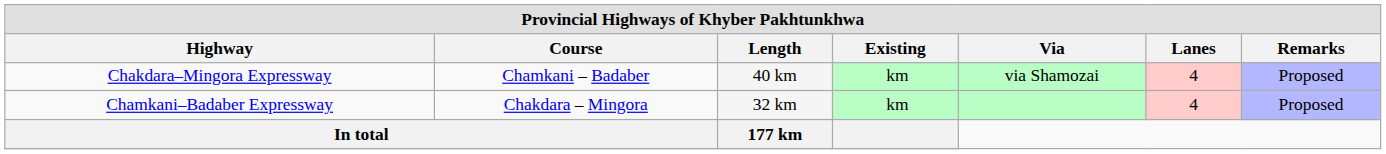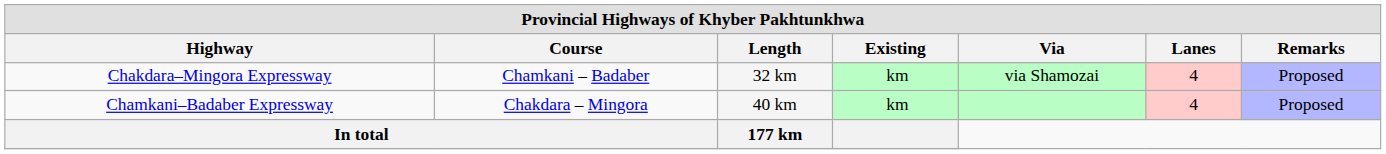 <table class="wikitable" style="margin:auto; font-size:90%; align:center; text-align:center; width:90%">
 <tr>
 <td colspan="12" bgcolor="#E0E0E0"><strong>Provincial Highways of Khyber Pakhtunkhwa</strong></td>
 </tr>
 <tr>
 <th>Highway</th>
 <th>Course</th>
 <th>Length</th>
 <th>Existing</th>
 <th>Via</th>
 <th>Lanes</th>
 <th>Remarks</th>
 </tr>
 <tr>
 <td><a href='#'>Chakdara–Mingora Expressway</a></td>
 <td><a href='#'>Chamkani</a> – <a href='#'>Badaber</a></td>
-<td bgcolor="#F5F5F5">40 km</td>
+<td bgcolor="#F5F5F5">32 km</td>
 <td bgcolor="#B9FFC5"> km</td>
 <td bgcolor="#B9FFC5">via Shamozai</td>
 <td bgcolor="#FFCBCB">4</td>
 <td bgcolor="#B3B7FF">Proposed</td>
 </tr>
 <tr>
 <td><a href='#'>Chamkani–Badaber Expressway</a></td>
 <td><a href='#'>Chakdara</a> – <a href='#'>Mingora</a></td>
-<td bgcolor="#F5F5F5">32 km</td>
+<td bgcolor="#F5F5F5">40 km</td>
 <td bgcolor="#B9FFC5"> km</td>
 <td bgcolor="#B9FFC5"></td>
 <td bgcolor="#FFCBCB">4</td>
 <td bgcolor="#B3B7FF">Proposed</td>
 </tr>
 <tr>
 <th colspan="2">In total</th>
 <th><strong>177 km</strong></th>
 <th></th>
 </tr>
 <tr>
 </tr>
 </table>
